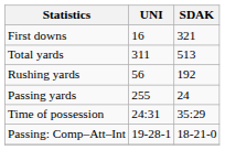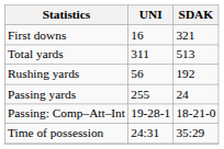 <table class="wikitable" style="float: left;">
 <tr>
 <th>Statistics</th>
 <th>UNI</th>
 <th>SDAK</th>
 </tr>
 <tr>
 <td>First downs</td>
 <td>16</td>
 <td>321</td>
 </tr>
 <tr>
 <td>Total yards</td>
 <td>311</td>
 <td>513</td>
 </tr>
 <tr>
 <td>Rushing yards</td>
 <td>56</td>
 <td>192</td>
 </tr>
 <tr>
 <td>Passing yards</td>
 <td>255</td>
 <td>24</td>
 </tr>
 <tr>
+<td>Passing: Comp–Att–Int</td>
+<td>19-28-1</td>
+<td>18-21-0</td>
+</tr>
+<tr>
 <td>Time of possession</td>
 <td>24:31</td>
 <td>35:29</td>
 </tr>
 <tr>
-<td>Passing: Comp–Att–Int</td>
-<td>19-28-1</td>
-<td>18-21-0</td>
-</tr>
-<tr>
 </tr>
 </table>
